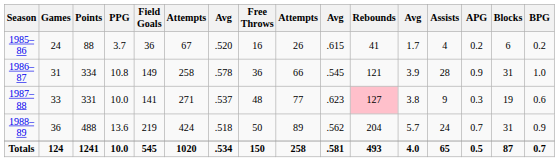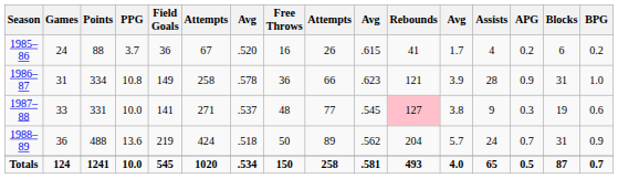 <table class="wikitable sortable" style="text-align:center">
 <tr>
 <th width=40px>Season</th>
 <th width=40px>Games</th>
 <th width=40px>Points</th>
 <th width=40px>PPG</th>
 <th width=40px>Field Goals</th>
 <th width=40px>Attempts</th>
 <th width=40px>Avg</th>
 <th width=40px>Free Throws</th>
 <th width=40px>Attempts</th>
 <th width=40px>Avg</th>
 <th width=40px>Rebounds</th>
 <th width=40px>Avg</th>
 <th width=40px>Assists</th>
 <th width=40px>APG</th>
 <th width=40px>Blocks</th>
 <th width=40px>BPG</th>
 </tr>
 <tr>
 <td><a href='#'>1985–86</a></td>
 <td>24</td>
 <td>88</td>
 <td>3.7</td>
 <td>36</td>
 <td>67</td>
 <td>.520</td>
 <td>16</td>
 <td>26</td>
 <td>.615</td>
 <td>41</td>
 <td>1.7</td>
 <td>4</td>
 <td>0.2</td>
 <td>6</td>
 <td>0.2</td>
 </tr>
 <tr>
 <td><a href='#'>1986–87</a></td>
 <td>31</td>
 <td>334</td>
 <td>10.8</td>
 <td>149</td>
 <td>258</td>
 <td>.578</td>
 <td>36</td>
 <td>66</td>
-<td>.545</td>
+<td>.623</td>
 <td>121</td>
 <td>3.9</td>
 <td>28</td>
 <td>0.9</td>
 <td>31</td>
 <td>1.0</td>
 </tr>
 <tr>
 <td><a href='#'>1987–88</a></td>
 <td>33</td>
 <td>331</td>
 <td>10.0</td>
 <td>141</td>
 <td>271</td>
 <td>.537</td>
 <td>48</td>
 <td>77</td>
-<td>.623</td>
+<td>.545</td>
 <td style="background: pink;">127</td>
 <td>3.8</td>
 <td>9</td>
 <td>0.3</td>
 <td>19</td>
 <td>0.6</td>
 </tr>
 <tr>
 <td><a href='#'>1988–89</a></td>
 <td>36</td>
 <td>488</td>
 <td>13.6</td>
 <td>219</td>
 <td>424</td>
 <td>.518</td>
 <td>50</td>
 <td>89</td>
 <td>.562</td>
 <td>204</td>
 <td>5.7</td>
 <td>24</td>
 <td>0.7</td>
 <td>31</td>
 <td>0.9</td>
 </tr>
 <tr>
 </tr>
 <tr class="sortbottom">
 <td><strong>Totals</strong></td>
 <td><strong>124</strong></td>
 <td><strong>1241</strong></td>
 <td><strong>10.0</strong></td>
 <td><strong>545</strong></td>
 <td><strong>1020</strong></td>
 <td><strong>.534</strong></td>
 <td><strong>150</strong></td>
 <td><strong>258</strong></td>
 <td><strong>.581</strong></td>
 <td><strong>493</strong></td>
 <td><strong>4.0</strong></td>
 <td><strong>65</strong></td>
 <td><strong>0.5</strong></td>
 <td><strong>87</strong></td>
 <td><strong>0.7</strong></td>
 </tr>
 </table>
